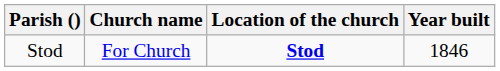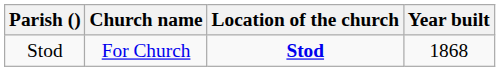 <table class="wikitable" style="text-align:center">
 <tr>
 <th>Parish ()</th>
 <th>Church name</th>
 <th>Location of the church</th>
 <th>Year built</th>
 </tr>
 <tr>
 <td rowspan="1">Stod</td>
 <td><a href='#'>For Church</a></td>
 <td><strong><a href='#'>Stod</a></strong></td>
-<td>1846</td>
+<td>1868</td>
 </tr>
 </table>
